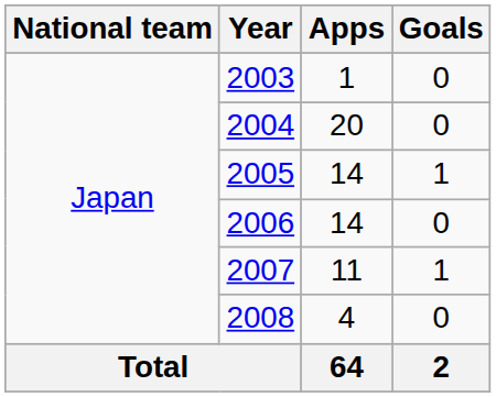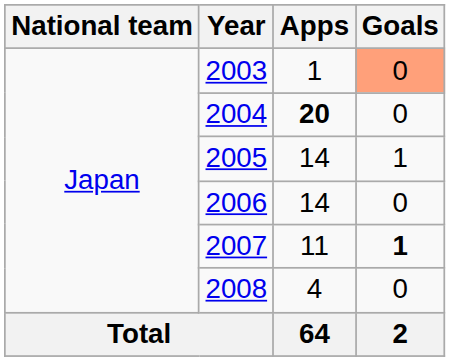 <table class="wikitable" style="text-align:center">
 <tr>
 <th>National team</th>
 <th>Year</th>
 <th>Apps</th>
 <th>Goals</th>
 </tr>
 <tr>
 <td rowspan="6"><a href='#'>Japan</a></td>
 <td><a href='#'>2003</a></td>
 <td>1</td>
-<td>0</td>
+<td style="background: lightsalmon;">0</td>
 </tr>
 <tr>
 <td><a href='#'>2004</a></td>
-<td>20</td>
+<td><strong>20</strong></td>
 <td>0</td>
 </tr>
 <tr>
 <td><a href='#'>2005</a></td>
 <td>14</td>
 <td>1</td>
 </tr>
 <tr>
 <td><a href='#'>2006</a></td>
 <td>14</td>
 <td>0</td>
 </tr>
 <tr>
 <td><a href='#'>2007</a></td>
 <td>11</td>
-<td>1</td>
+<td><strong>1</strong></td>
 </tr>
 <tr>
 <td><a href='#'>2008</a></td>
 <td>4</td>
 <td>0</td>
 </tr>
 <tr>
 <th colspan="2">Total</th>
 <th>64</th>
 <th>2</th>
 </tr>
 </table>
